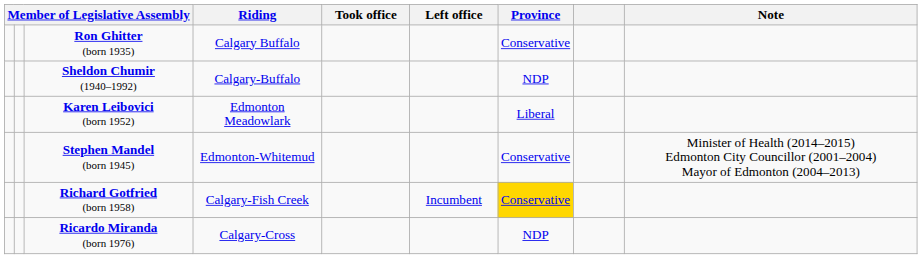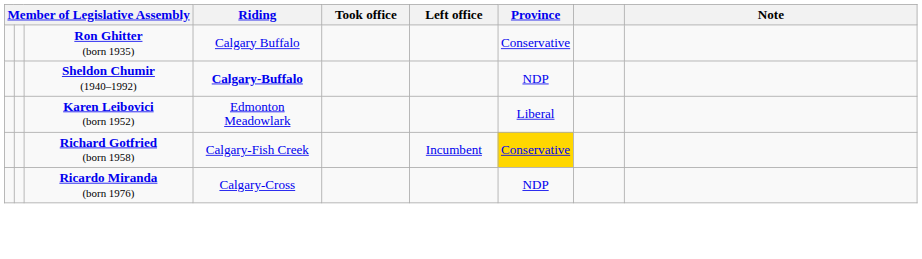 <table class="wikitable sortable plainrowheaders" style="text-align:center">
 <tr>
 <th colspan="3" class=unsortable><a href='#'>Member of Legislative Assembly</a></th>
 <th scope="col" width=150px><a href='#'>Riding</a></th>
 <th scope="col" width=100px>Took office</th>
 <th scope="col" width=100px>Left office</th>
 <th scope="col" width=70px><a href='#'>Province</a></th>
 <th scope="col" class=unsortable width=55px></th>
 <th scope="col" class=unsortable width=350px>Note</th>
 </tr>
 <tr>
 <td style="background:"></td>
 <td></td>
 <td><strong><a href='#'>Ron Ghitter</a></strong><br><small>(born 1935)</small></td>
 <td><a href='#'>Calgary Buffalo</a></td>
 <td></td>
 <td></td>
 <td><a href='#'>Conservative</a></td>
 <td></td>
 <td></td>
 </tr>
 <tr>
 <td style="background:"></td>
 <td></td>
 <td><strong><a href='#'>Sheldon Chumir</a></strong><br><small>(1940–1992)</small></td>
-<td><a href='#'>Calgary-Buffalo</a></td>
+<td><strong><a href='#'>Calgary-Buffalo</a></strong></td>
 <td></td>
 <td></td>
 <td><a href='#'>NDP</a></td>
 <td></td>
 <td></td>
 </tr>
 <tr>
 <td style="background:"></td>
 <td></td>
 <td><strong><a href='#'>Karen Leibovici</a></strong><br><small>(born 1952)</small></td>
 <td><a href='#'>Edmonton Meadowlark</a></td>
 <td></td>
 <td></td>
 <td><a href='#'>Liberal</a></td>
 <td></td>
 <td></td>
-</tr>
-<tr>
-<td style="background:"></td>
-<td></td>
-<td><strong><a href='#'>Stephen Mandel</a></strong><br><small>(born 1945)</small></td>
-<td><a href='#'>Edmonton-Whitemud</a></td>
-<td></td>
-<td></td>
-<td><a href='#'>Conservative</a></td>
-<td></td>
-<td>Minister of Health (2014–2015)<br>Edmonton City Councillor (2001–2004)<br>Mayor of Edmonton (2004–2013)</td>
 </tr>
 <tr>
 <td style="background:"></td>
 <td></td>
 <td><strong><a href='#'>Richard Gotfried</a></strong><br><small>(born 1958)</small></td>
 <td><a href='#'>Calgary-Fish Creek</a></td>
 <td></td>
 <td><a href='#'>Incumbent</a></td>
 <td style="background: gold;"><a href='#'>Conservative</a></td>
 <td></td>
 <td></td>
 </tr>
 <tr>
 <td style="background:"></td>
 <td></td>
 <td><strong><a href='#'>Ricardo Miranda</a></strong><br><small>(born 1976)</small></td>
 <td><a href='#'>Calgary-Cross</a></td>
 <td></td>
 <td></td>
 <td><a href='#'>NDP</a></td>
 <td></td>
 <td></td>
 </tr>
 </table>
